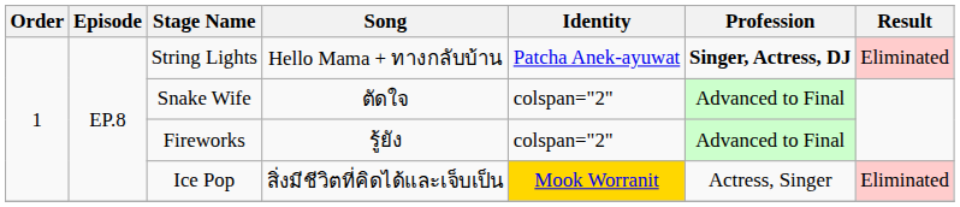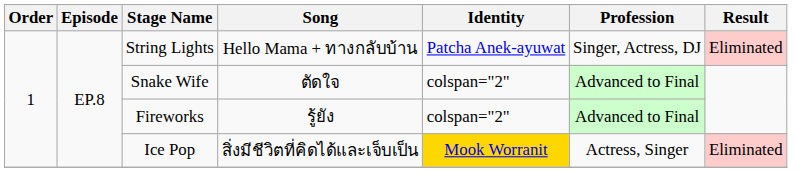 <table class="wikitable">
 <tr>
 <th>Order</th>
 <th>Episode</th>
 <th>Stage Name</th>
 <th>Song</th>
 <th>Identity</th>
 <th>Profession</th>
 <th>Result</th>
 </tr>
 <tr>
 <td rowspan="4" align="center">1</td>
 <td rowspan="4" align="center">EP.8</td>
 <td style="text-align:center;">String Lights</td>
 <td style="text-align:center;">Hello Mama + ทางกลับบ้าน</td>
 <td style="text-align:center;"><a href='#'>Patcha Anek-ayuwat</a></td>
-<td style="text-align:center;"><strong>Singer, Actress, DJ</strong></td>
+<td style="text-align:center;">Singer, Actress, DJ</td>
 <td style="text-align:center; background:#ffcccc;">Eliminated</td>
 </tr>
 <tr>
 <td style="text-align:center;">Snake Wife</td>
 <td style="text-align:center;">ตัดใจ</td>
 <td>colspan="2"  </td>
 <td style="text-align:center; background:#ccffcc;">Advanced to Final</td>
 </tr>
 <tr>
 <td style="text-align:center;">Fireworks</td>
 <td style="text-align:center;">รู้ยัง</td>
 <td>colspan="2"  </td>
 <td style="text-align:center; background:#ccffcc;">Advanced to Final</td>
 </tr>
 <tr>
 <td style="text-align:center;">Ice Pop</td>
 <td style="text-align:center;">สิ่งมีชีวิตที่คิดได้และเจ็บเป็น</td>
 <td style="background: gold; text-align:center;"><a href='#'>Mook Worranit</a></td>
 <td style="text-align:center;">Actress, Singer</td>
 <td style="text-align:center; background:#ffcccc;">Eliminated</td>
 </tr>
 <tr>
 </tr>
 </table>
